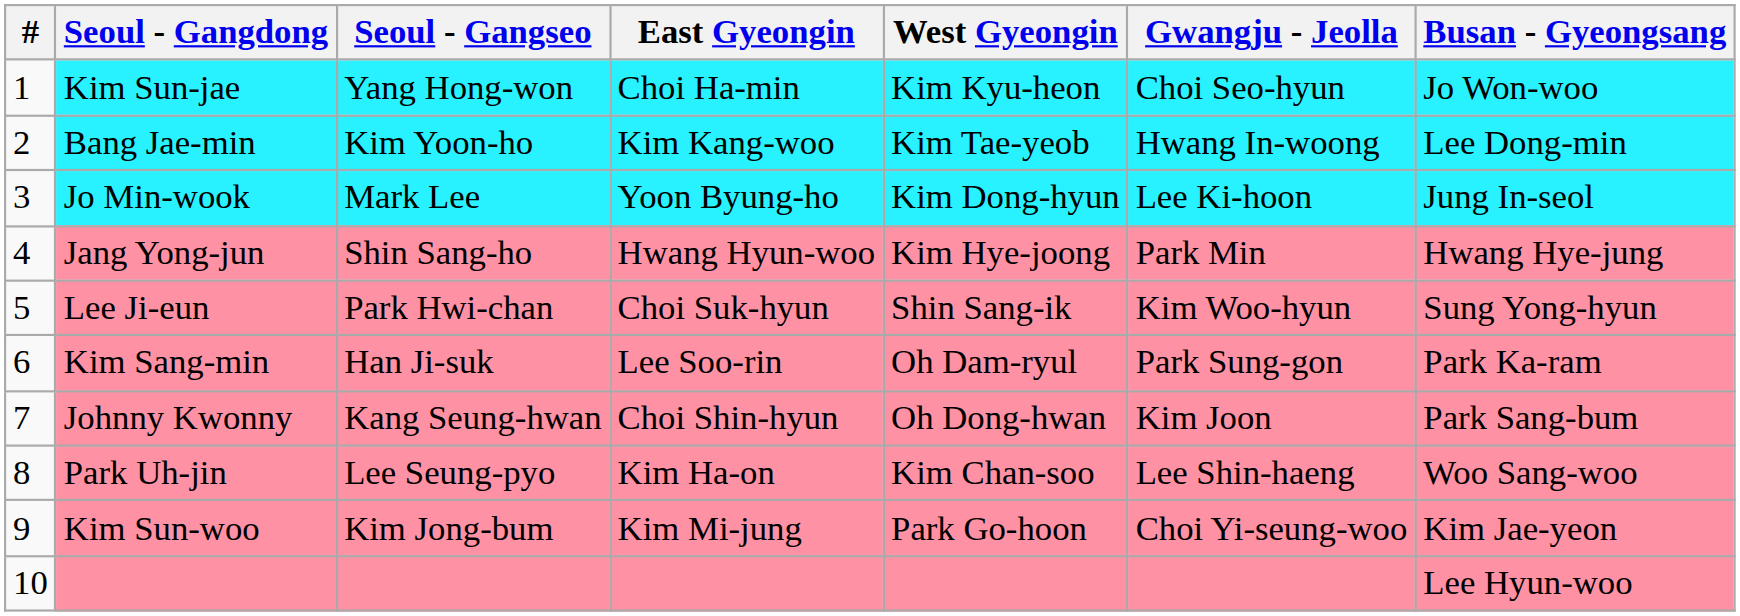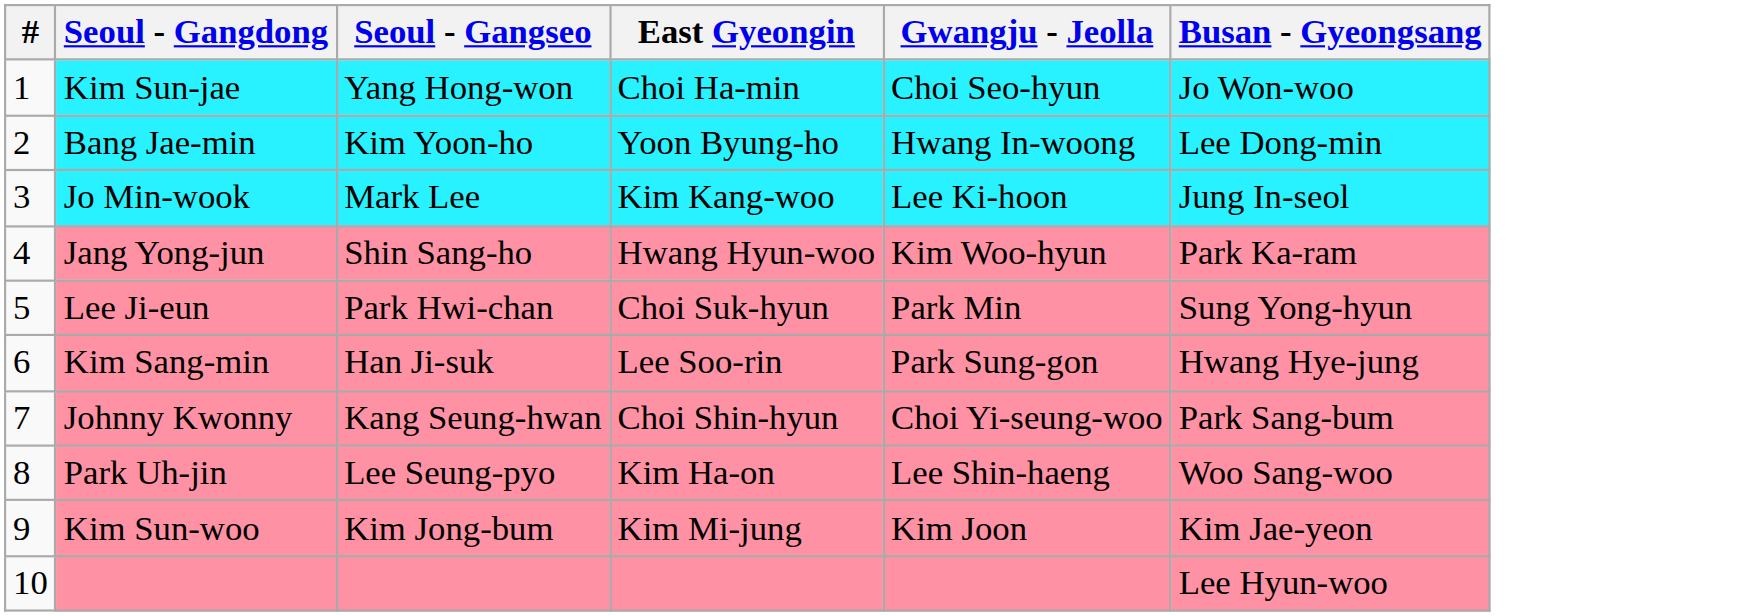 <table class="wikitable">
 <tr>
 <th>#</th>
 <th><a href='#'>Seoul</a> - <a href='#'>Gangdong</a></th>
 <th><a href='#'>Seoul</a> - <a href='#'>Gangseo</a></th>
 <th>East <a href='#'>Gyeongin</a></th>
-<th>West <a href='#'>Gyeongin</a></th>
 <th><a href='#'>Gwangju</a> - <a href='#'>Jeolla</a></th>
 <th><a href='#'>Busan</a> - <a href='#'>Gyeongsang</a></th>
 </tr>
 <tr>
 <td>1</td>
 <td style="background:#28f2ff;">Kim Sun-jae</td>
 <td style="background:#28f2ff;">Yang Hong-won</td>
 <td style="background:#28f2ff;">Choi Ha-min</td>
-<td style="background:#28f2ff;">Kim Kyu-heon</td>
 <td style="background:#28f2ff;">Choi Seo-hyun</td>
 <td style="background:#28f2ff;">Jo Won-woo</td>
 </tr>
 <tr>
 <td>2</td>
 <td style="background:#28f2ff;">Bang Jae-min</td>
 <td style="background:#28f2ff;">Kim Yoon-ho</td>
-<td style="background:#28f2ff;">Kim Kang-woo</td>
-<td style="background:#28f2ff;">Kim Tae-yeob</td>
+<td style="background:#28f2ff;">Yoon Byung-ho</td>
 <td style="background:#28f2ff;">Hwang In-woong</td>
 <td style="background:#28f2ff;">Lee Dong-min</td>
 </tr>
 <tr>
 <td>3</td>
 <td style="background:#28f2ff;">Jo Min-wook</td>
 <td style="background:#28f2ff;">Mark Lee</td>
-<td style="background:#28f2ff;">Yoon Byung-ho</td>
-<td style="background:#28f2ff;">Kim Dong-hyun</td>
+<td style="background:#28f2ff;">Kim Kang-woo</td>
 <td style="background:#28f2ff;">Lee Ki-hoon</td>
 <td style="background:#28f2ff;">Jung In-seol</td>
 </tr>
 <tr>
 <td>4</td>
 <td style="background:#FF91A4;">Jang Yong-jun</td>
 <td style="background:#FF91A4;">Shin Sang-ho</td>
 <td style="background:#FF91A4;">Hwang Hyun-woo</td>
-<td style="background:#FF91A4;">Kim Hye-joong</td>
-<td style="background:#FF91A4;">Park Min</td>
-<td style="background:#FF91A4;">Hwang Hye-jung</td>
+<td style="background:#FF91A4;">Kim Woo-hyun</td>
+<td style="background:#FF91A4;">Park Ka-ram</td>
 </tr>
 <tr>
 <td>5</td>
 <td style="background:#FF91A4;">Lee Ji-eun</td>
 <td style="background:#FF91A4;">Park Hwi-chan</td>
 <td style="background:#FF91A4;">Choi Suk-hyun</td>
-<td style="background:#FF91A4;">Shin Sang-ik</td>
-<td style="background:#FF91A4;">Kim Woo-hyun</td>
+<td style="background:#FF91A4;">Park Min</td>
 <td style="background:#FF91A4;">Sung Yong-hyun</td>
 </tr>
 <tr>
 <td>6</td>
 <td style="background:#FF91A4;">Kim Sang-min</td>
 <td style="background:#FF91A4;">Han Ji-suk</td>
 <td style="background:#FF91A4;">Lee Soo-rin</td>
-<td style="background:#FF91A4;">Oh Dam-ryul</td>
 <td style="background:#FF91A4;">Park Sung-gon</td>
-<td style="background:#FF91A4;">Park Ka-ram</td>
+<td style="background:#FF91A4;">Hwang Hye-jung</td>
 </tr>
 <tr>
 <td>7</td>
 <td style="background:#FF91A4;">Johnny Kwonny</td>
 <td style="background:#FF91A4;">Kang Seung-hwan</td>
 <td style="background:#FF91A4;">Choi Shin-hyun</td>
-<td style="background:#FF91A4;">Oh Dong-hwan</td>
-<td style="background:#FF91A4;">Kim Joon</td>
+<td style="background:#FF91A4;">Choi Yi-seung-woo</td>
 <td style="background:#FF91A4;">Park Sang-bum</td>
 </tr>
 <tr>
 <td>8</td>
 <td style="background:#FF91A4;">Park Uh-jin</td>
 <td style="background:#FF91A4;">Lee Seung-pyo</td>
 <td style="background:#FF91A4;">Kim Ha-on</td>
-<td style="background:#FF91A4;">Kim Chan-soo</td>
 <td style="background:#FF91A4;">Lee Shin-haeng</td>
 <td style="background:#FF91A4;">Woo Sang-woo</td>
 </tr>
 <tr>
 <td>9</td>
 <td style="background:#FF91A4;">Kim Sun-woo</td>
 <td style="background:#FF91A4;">Kim Jong-bum</td>
 <td style="background:#FF91A4;">Kim Mi-jung</td>
-<td style="background:#FF91A4;">Park Go-hoon</td>
-<td style="background:#FF91A4;">Choi Yi-seung-woo</td>
+<td style="background:#FF91A4;">Kim Joon</td>
 <td style="background:#FF91A4;">Kim Jae-yeon</td>
 </tr>
 <tr>
 <td>10</td>
 <td style="background:#FF91A4;"></td>
 <td style="background:#FF91A4;"></td>
 <td style="background:#FF91A4;"></td>
 <td style="background:#FF91A4;"></td>
-<td style="background:#FF91A4;"></td>
 <td style="background:#FF91A4;">Lee Hyun-woo</td>
 </tr>
 </table>
